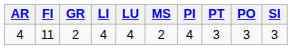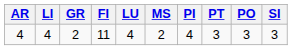 <table class="wikitable">
 <tr style="vertical-align:bottom;">
 <th> <a href='#'>AR</a> </th>
+<th> <a href='#'>LI</a> </th>
+<th> <a href='#'>GR</a> </th>
 <th> <a href='#'>FI</a> </th>
-<th> <a href='#'>GR</a> </th>
-<th> <a href='#'>LI</a> </th>
 <th> <a href='#'>LU</a> </th>
 <th> <a href='#'>MS</a> </th>
 <th> <a href='#'>PI</a> </th>
 <th> <a href='#'>PT</a> </th>
 <th> <a href='#'>PO</a> </th>
 <th> <a href='#'>SI</a> </th>
 </tr>
 <tr style="text-align:center;">
 <td>4</td>
+<td>4</td>
+<td>2</td>
 <td>11</td>
-<td>2</td>
-<td>4</td>
 <td>4</td>
 <td>2</td>
 <td>4</td>
 <td>3</td>
 <td>3</td>
 <td>3</td>
 </tr>
 </table>
